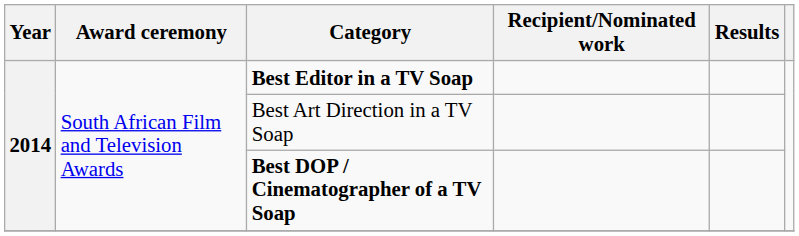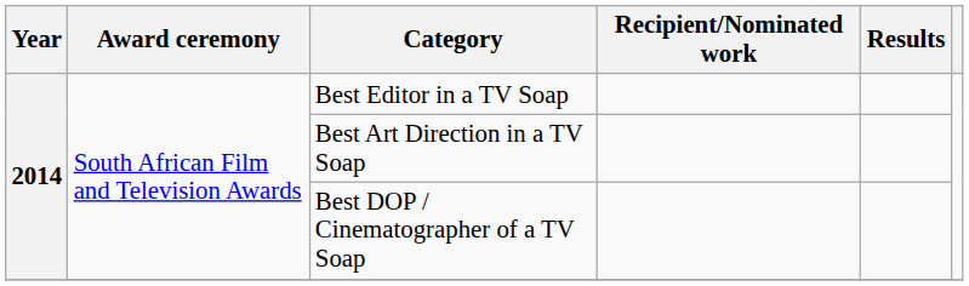 <table class="wikitable plainrowheaders">
 <tr>
 <th>Year</th>
 <th>Award ceremony</th>
 <th>Category</th>
 <th>Recipient/Nominated work</th>
 <th>Results</th>
 <th></th>
 </tr>
 <tr>
 <th scope="row" rowspan="3">2014</th>
 <td rowspan="3"><a href='#'>South African Film and Television Awards</a></td>
-<td><strong>Best Editor in a TV Soap</strong></td>
+<td>Best Editor in a TV Soap</td>
 <td></td>
 <td></td>
 <td rowspan="3"></td>
 </tr>
 <tr>
 <td>Best Art Direction in a TV Soap</td>
 <td></td>
 <td></td>
 </tr>
 <tr>
-<td><strong>Best DOP / Cinematographer of a TV Soap</strong></td>
+<td>Best DOP / Cinematographer of a TV Soap</td>
 <td></td>
 <td></td>
 </tr>
 <tr>
 </tr>
 </table>
